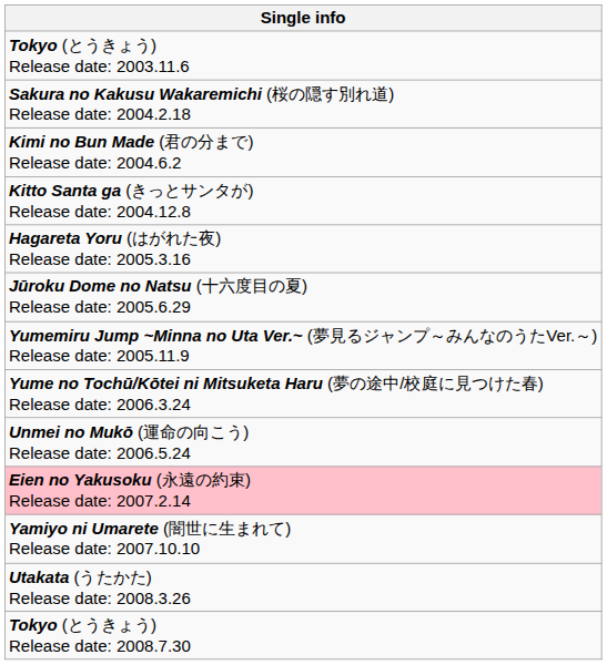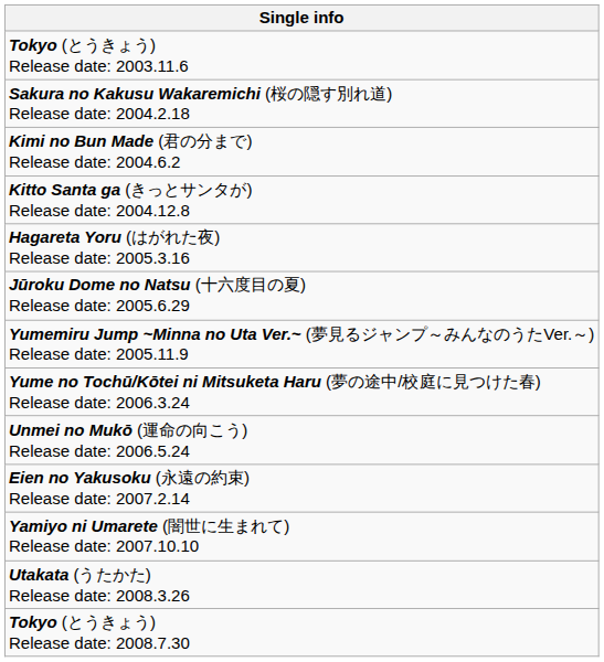 <table class="wikitable">
 <tr>
 <th>Single info</th>
 </tr>
 <tr>
 <td><strong><em>Tokyo</em></strong> (とうきょう)<br>Release date: 2003.11.6</td>
 </tr>
 <tr>
 <td><strong><em>Sakura no Kakusu Wakaremichi</em></strong> (桜の隠す別れ道)<br>Release date: 2004.2.18</td>
 </tr>
 <tr>
 <td><strong><em>Kimi no Bun Made</em></strong> (君の分まで)<br>Release date: 2004.6.2</td>
 </tr>
 <tr>
 <td><strong><em>Kitto Santa ga</em></strong> (きっとサンタが)<br>Release date: 2004.12.8</td>
 </tr>
 <tr>
 <td><strong><em>Hagareta Yoru</em></strong> (はがれた夜)<br>Release date: 2005.3.16</td>
 </tr>
 <tr>
 <td><strong><em>Jūroku Dome no Natsu</em></strong> (十六度目の夏)<br>Release date: 2005.6.29</td>
 </tr>
 <tr>
 <td><strong><em>Yumemiru Jump ~Minna no Uta Ver.~</em></strong> (夢見るジャンプ～みんなのうたVer.～)<br>Release date: 2005.11.9</td>
 </tr>
 <tr>
 <td><strong><em>Yume no Tochū/Kōtei ni Mitsuketa Haru</em></strong> (夢の途中/校庭に見つけた春)<br>Release date: 2006.3.24</td>
 </tr>
 <tr>
 <td><strong><em>Unmei no Mukō</em></strong> (運命の向こう)<br>Release date: 2006.5.24</td>
 </tr>
 <tr>
-<td style="background: pink;"><strong><em>Eien no Yakusoku</em></strong> (永遠の約束)<br>Release date: 2007.2.14</td>
+<td><strong><em>Eien no Yakusoku</em></strong> (永遠の約束)<br>Release date: 2007.2.14</td>
 </tr>
 <tr>
 <td><strong><em>Yamiyo ni Umarete</em></strong> (闇世に生まれて)<br>Release date: 2007.10.10</td>
 </tr>
 <tr>
 <td><strong><em>Utakata</em></strong> (うたかた)<br>Release date: 2008.3.26</td>
 </tr>
 <tr>
 <td><strong><em>Tokyo</em></strong> (とうきょう)<br>Release date: 2008.7.30</td>
 </tr>
 </table>
